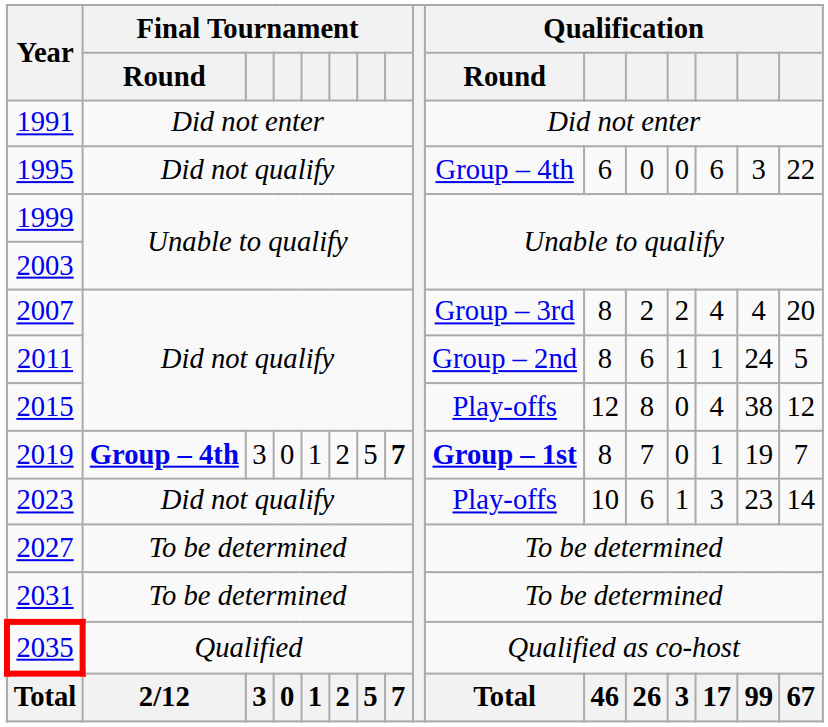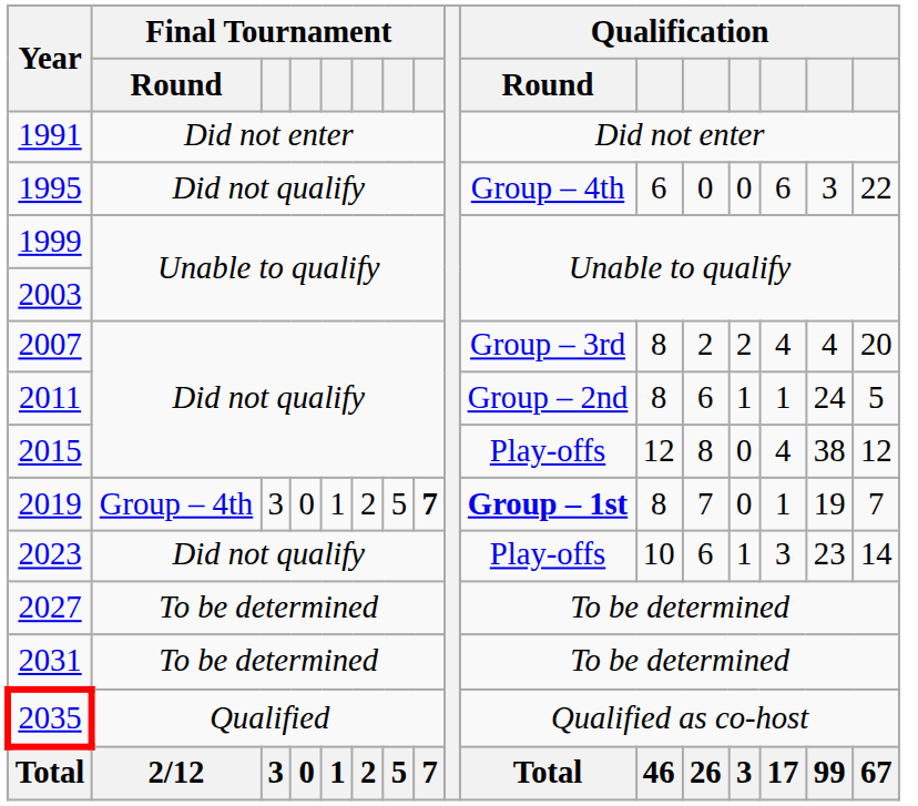 <table class="wikitable" style="text-align: center;font-size:90%;">
 <tr>
 <th rowspan="2">Year</th>
 <th colspan="7">Final Tournament</th>
 <th rowspan="99"></th>
 <th colspan="7">Qualification</th>
 </tr>
 <tr>
 <th>Round</th>
 <th></th>
 <th></th>
 <th></th>
 <th></th>
 <th></th>
 <th></th>
 <th>Round</th>
 <th></th>
 <th></th>
 <th></th>
 <th></th>
 <th></th>
 <th></th>
 </tr>
 <tr>
 <td><a href='#'>1991</a></td>
 <td colspan=7 rowspan=1><em>Did not enter</em></td>
 <td colspan=7 rowspan=1><em>Did not enter</em></td>
 </tr>
 <tr>
 <td><a href='#'>1995</a></td>
 <td colspan=7 rowspan=1><em>Did not qualify</em></td>
 <td><a href='#'>Group – 4th</a></td>
 <td>6</td>
 <td>0</td>
 <td>0</td>
 <td>6</td>
 <td>3</td>
 <td>22</td>
 </tr>
 <tr>
 <td><a href='#'>1999</a></td>
 <td colspan=7 rowspan=2><em>Unable to qualify</em></td>
 <td colspan=7 rowspan=2><em>Unable to qualify</em></td>
 </tr>
 <tr>
 <td><a href='#'>2003</a></td>
 </tr>
 <tr>
 <td><a href='#'>2007</a></td>
 <td colspan=7 rowspan=3><em>Did not qualify</em></td>
 <td><a href='#'>Group – 3rd</a></td>
 <td>8</td>
 <td>2</td>
 <td>2</td>
 <td>4</td>
 <td>4</td>
 <td>20</td>
 </tr>
 <tr>
 <td><a href='#'>2011</a></td>
 <td><a href='#'>Group – 2nd</a></td>
 <td>8</td>
 <td>6</td>
 <td>1</td>
 <td>1</td>
 <td>24</td>
 <td>5</td>
 </tr>
 <tr>
 <td><a href='#'>2015</a></td>
 <td><a href='#'>Play-offs</a></td>
 <td>12</td>
 <td>8</td>
 <td>0</td>
 <td>4</td>
 <td>38</td>
 <td>12</td>
 </tr>
 <tr>
 <td><a href='#'>2019</a></td>
-<td><strong><a href='#'>Group – 4th</a></strong></td>
+<td><a href='#'>Group – 4th</a></td>
 <td>3</td>
 <td>0</td>
 <td>1</td>
 <td>2</td>
 <td>5</td>
 <td><strong>7</strong></td>
 <td><strong><a href='#'>Group – 1st</a></strong></td>
 <td>8</td>
 <td>7</td>
 <td>0</td>
 <td>1</td>
 <td>19</td>
 <td>7</td>
 </tr>
 <tr>
 <td><a href='#'>2023</a></td>
 <td colspan=7><em>Did not qualify</em></td>
 <td><a href='#'>Play-offs</a></td>
 <td>10</td>
 <td>6</td>
 <td>1</td>
 <td>3</td>
 <td>23</td>
 <td>14</td>
 </tr>
 <tr>
 <td><a href='#'>2027</a></td>
 <td colspan=7><em>To be determined</em></td>
 <td colspan=7><em>To be determined</em></td>
 </tr>
 <tr>
 <td><a href='#'>2031</a></td>
 <td colspan=7><em>To be determined</em></td>
 <td colspan=7><em>To be determined</em></td>
 </tr>
 <tr>
 <td style="border: 3px solid red"><a href='#'>2035</a></td>
 <td colspan=7><em>Qualified</em></td>
 <td colspan=7><em>Qualified as co-host</em></td>
 </tr>
 <tr>
 <th>Total</th>
 <th>2/12</th>
 <th>3</th>
 <th>0</th>
 <th>1</th>
 <th>2</th>
 <th>5</th>
 <th>7</th>
 <th>Total</th>
 <th>46</th>
 <th>26</th>
 <th>3</th>
 <th>17</th>
 <th>99</th>
 <th>67</th>
 </tr>
 </table>
